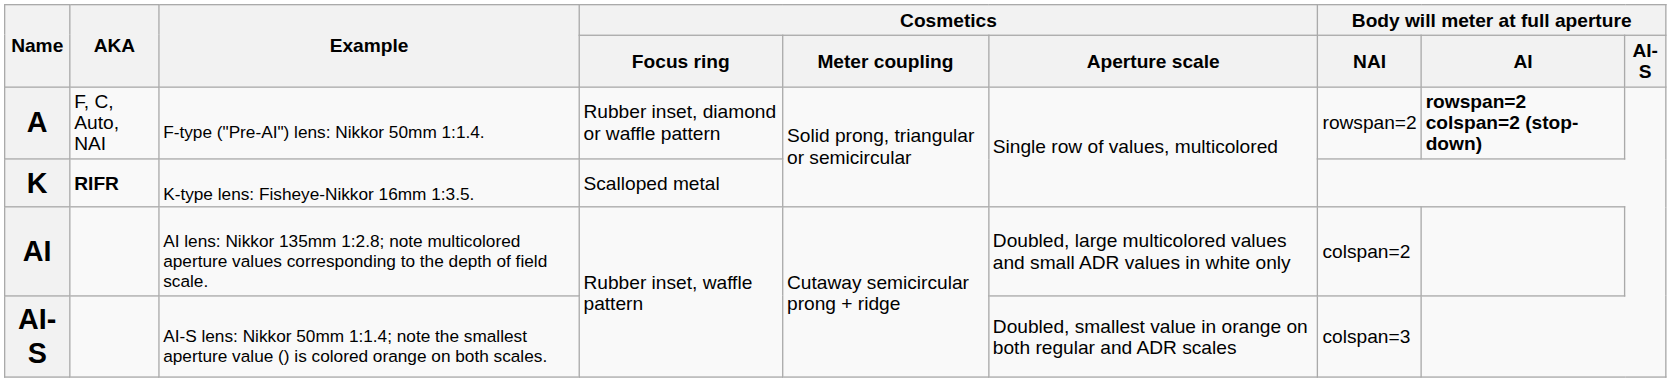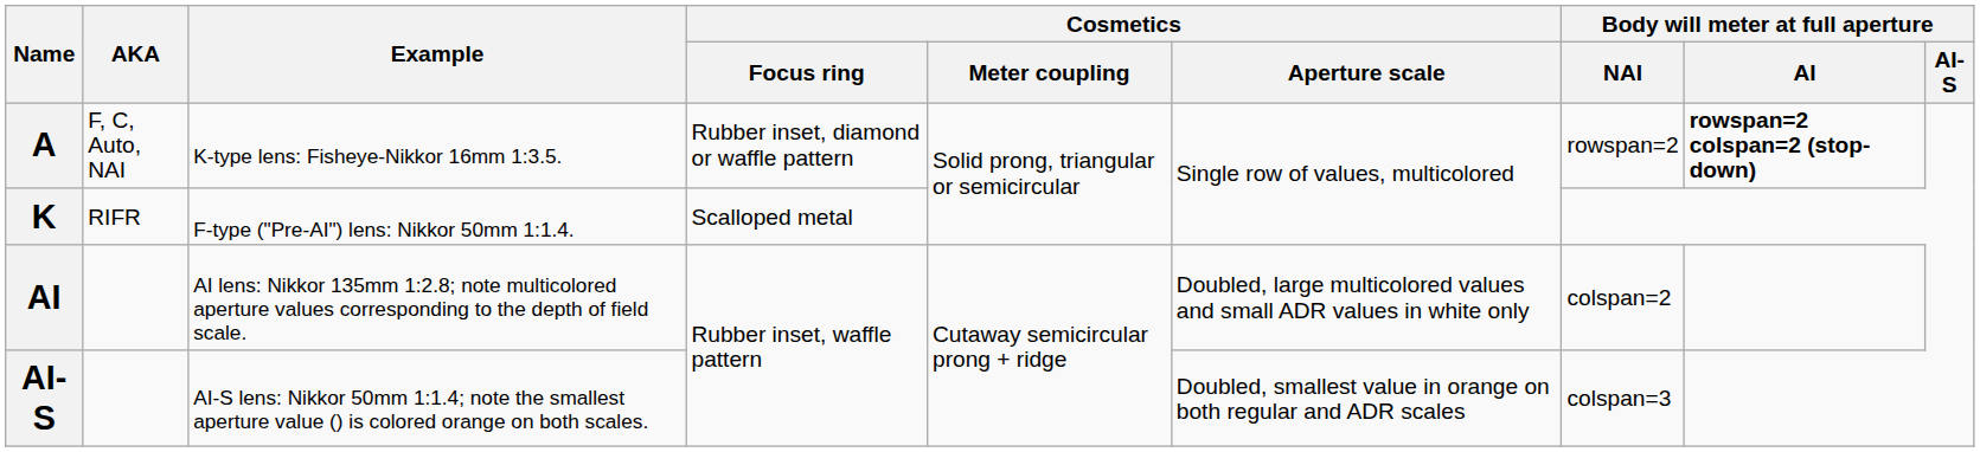 <table class="wikitable" style="font-size:90%;text-align:left;">
 <tr>
 <th rowspan=2>Name</th>
 <th rowspan=2>AKA</th>
 <th rowspan=2>Example</th>
 <th colspan=3>Cosmetics</th>
 <th colspan=3>Body will meter at full aperture</th>
 </tr>
 <tr>
 <th>Focus ring</th>
 <th>Meter coupling</th>
 <th>Aperture scale</th>
 <th>NAI</th>
 <th>AI</th>
 <th>AI-S</th>
 </tr>
 <tr>
 <th style="font-size:150%;">A</th>
 <td>F, C, Auto, NAI</td>
-<td style="font-size:90%;"><br>F-type ("Pre-AI") lens: Nikkor 50mm 1:1.4.</td>
+<td style="font-size:90%;"><br>K-type lens: Fisheye-Nikkor 16mm 1:3.5.</td>
 <td>Rubber inset, diamond or waffle pattern</td>
 <td rowspan=2>Solid prong, triangular or semicircular</td>
 <td rowspan=2>Single row of values, multicolored</td>
 <td>rowspan=2 </td>
 <td><strong>rowspan=2 colspan=2  (stop-down)</strong></td>
 </tr>
 <tr>
 <th style="font-size:150%;">K</th>
-<td><strong>RIFR</strong></td>
-<td style="font-size:90%;"><br>K-type lens: Fisheye-Nikkor 16mm 1:3.5.</td>
+<td>RIFR</td>
+<td style="font-size:90%;"><br>F-type ("Pre-AI") lens: Nikkor 50mm 1:1.4.</td>
 <td>Scalloped metal</td>
 </tr>
 <tr>
 <th style="font-size:150%;">AI</th>
 <td></td>
 <td style="font-size:90%;"><br>AI lens: Nikkor 135mm 1:2.8; note multicolored aperture values corresponding to the depth of field scale.</td>
 <td rowspan=2>Rubber inset, waffle pattern</td>
 <td rowspan=2>Cutaway semicircular prong + ridge</td>
 <td>Doubled, large multicolored values and small ADR values in white only</td>
 <td>colspan=2 </td>
 <td></td>
 </tr>
 <tr>
 <th style="font-size:150%;">AI-S</th>
 <td></td>
 <td style="font-size:90%;"><br>AI-S lens: Nikkor 50mm 1:1.4; note the smallest aperture value () is colored orange on both scales.</td>
 <td>Doubled, smallest value in orange on both regular and ADR scales</td>
 <td>colspan=3 </td>
 </tr>
 </table>
